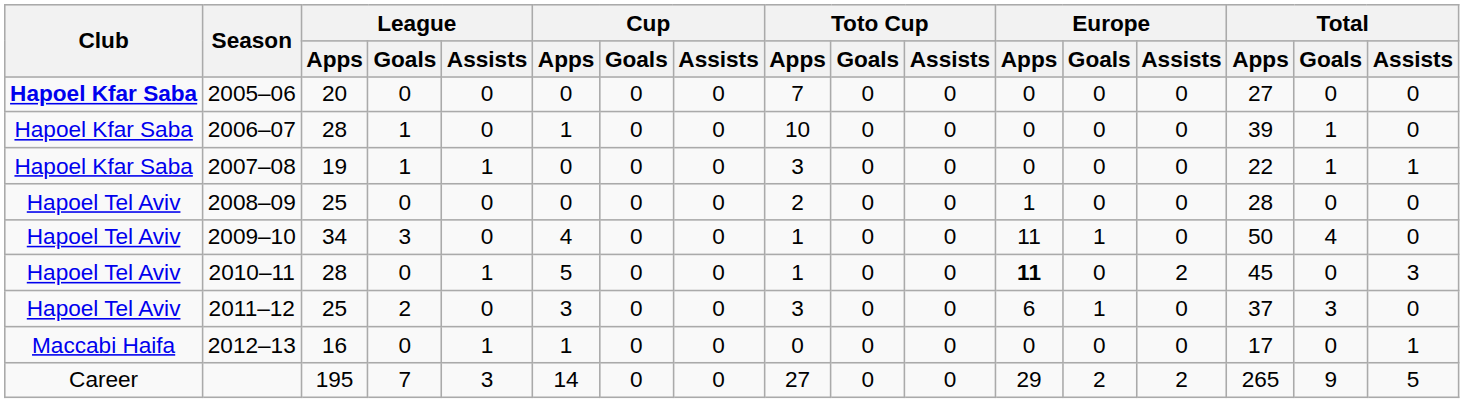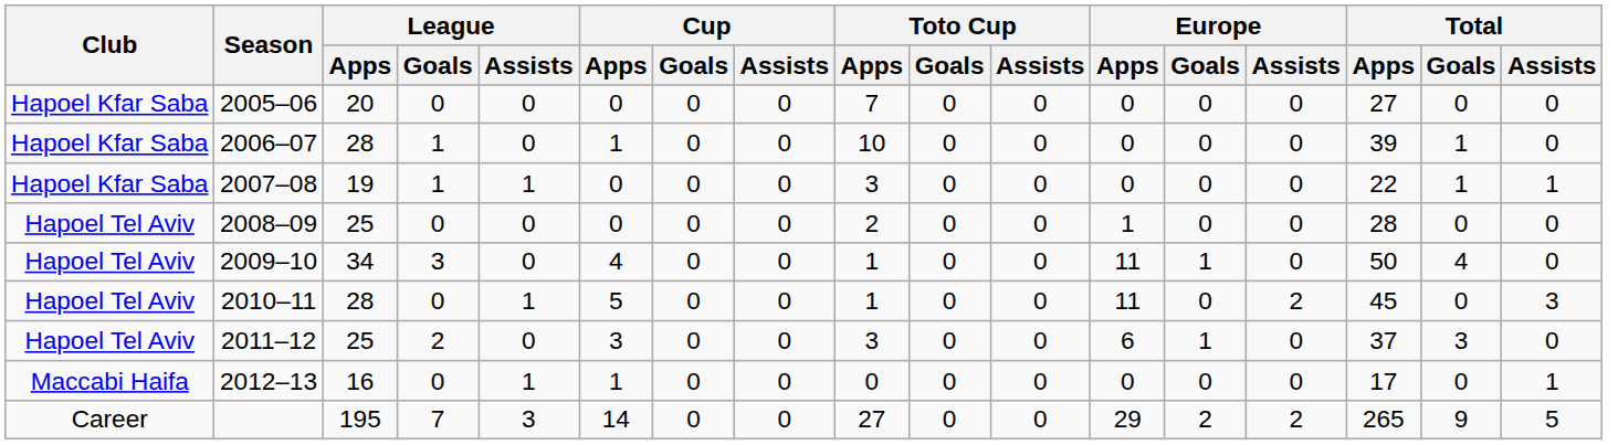 <table class="wikitable" style="font-size:90%; text-align: center;">
 <tr>
 <th rowspan="2">Club</th>
 <th rowspan="2">Season</th>
 <th colspan="3">League</th>
 <th colspan="3">Cup</th>
 <th colspan="3">Toto Cup</th>
 <th colspan="3">Europe</th>
 <th colspan="3">Total</th>
 </tr>
 <tr>
 <th>Apps</th>
 <th>Goals</th>
 <th>Assists</th>
 <th>Apps</th>
 <th>Goals</th>
 <th>Assists</th>
 <th>Apps</th>
 <th>Goals</th>
 <th>Assists</th>
 <th>Apps</th>
 <th>Goals</th>
 <th>Assists</th>
 <th>Apps</th>
 <th>Goals</th>
 <th>Assists</th>
 </tr>
 <tr |-||-||-|>
-<td rowspan="1" valign="top"><strong><a href='#'>Hapoel Kfar Saba</a></strong></td>
+<td rowspan="1" valign="top"><a href='#'>Hapoel Kfar Saba</a></td>
 <td>2005–06</td>
 <td>20</td>
 <td>0</td>
 <td>0</td>
 <td>0</td>
 <td>0</td>
 <td>0</td>
 <td>7</td>
 <td>0</td>
 <td>0</td>
 <td>0</td>
 <td>0</td>
 <td>0</td>
 <td>27</td>
 <td>0</td>
 <td>0</td>
 </tr>
 <tr>
 <td rowspan="1" valign="top"><a href='#'>Hapoel Kfar Saba</a></td>
 <td>2006–07</td>
 <td>28</td>
 <td>1</td>
 <td>0</td>
 <td>1</td>
 <td>0</td>
 <td>0</td>
 <td>10</td>
 <td>0</td>
 <td>0</td>
 <td>0</td>
 <td>0</td>
 <td>0</td>
 <td>39</td>
 <td>1</td>
 <td>0</td>
 </tr>
 <tr>
 <td rowspan="1" valign="top"><a href='#'>Hapoel Kfar Saba</a></td>
 <td>2007–08</td>
 <td>19</td>
 <td>1</td>
 <td>1</td>
 <td>0</td>
 <td>0</td>
 <td>0</td>
 <td>3</td>
 <td>0</td>
 <td>0</td>
 <td>0</td>
 <td>0</td>
 <td>0</td>
 <td>22</td>
 <td>1</td>
 <td>1</td>
 </tr>
 <tr>
 <td rowspan="1" valign="top"><a href='#'>Hapoel Tel Aviv</a></td>
 <td>2008–09</td>
 <td>25</td>
 <td>0</td>
 <td>0</td>
 <td>0</td>
 <td>0</td>
 <td>0</td>
 <td>2</td>
 <td>0</td>
 <td>0</td>
 <td>1</td>
 <td>0</td>
 <td>0</td>
 <td>28</td>
 <td>0</td>
 <td>0</td>
 </tr>
 <tr>
 <td rowspan="1" valign="top"><a href='#'>Hapoel Tel Aviv</a></td>
 <td>2009–10</td>
 <td>34</td>
 <td>3</td>
 <td>0</td>
 <td>4</td>
 <td>0</td>
 <td>0</td>
 <td>1</td>
 <td>0</td>
 <td>0</td>
 <td>11</td>
 <td>1</td>
 <td>0</td>
 <td>50</td>
 <td>4</td>
 <td>0</td>
 </tr>
 <tr>
 <td rowspan="1" valign="top"><a href='#'>Hapoel Tel Aviv</a></td>
 <td>2010–11</td>
 <td>28</td>
 <td>0</td>
 <td>1</td>
 <td>5</td>
 <td>0</td>
 <td>0</td>
 <td>1</td>
 <td>0</td>
 <td>0</td>
-<td><strong>11</strong></td>
+<td>11</td>
 <td>0</td>
 <td>2</td>
 <td>45</td>
 <td>0</td>
 <td>3</td>
 </tr>
 <tr>
 <td rowspan="1" valign="top"><a href='#'>Hapoel Tel Aviv</a></td>
 <td>2011–12</td>
 <td>25</td>
 <td>2</td>
 <td>0</td>
 <td>3</td>
 <td>0</td>
 <td>0</td>
 <td>3</td>
 <td>0</td>
 <td>0</td>
 <td>6</td>
 <td>1</td>
 <td>0</td>
 <td>37</td>
 <td>3</td>
 <td>0</td>
 </tr>
 <tr>
 <td rowspan="1" valign="top"><a href='#'>Maccabi Haifa</a></td>
 <td>2012–13</td>
 <td>16</td>
 <td>0</td>
 <td>1</td>
 <td>1</td>
 <td>0</td>
 <td>0</td>
 <td>0</td>
 <td>0</td>
 <td>0</td>
 <td>0</td>
 <td>0</td>
 <td>0</td>
 <td>17</td>
 <td>0</td>
 <td>1</td>
 </tr>
 <tr>
 <td rowspan="1" valign="top">Career</td>
 <td></td>
 <td>195</td>
 <td>7</td>
 <td>3</td>
 <td>14</td>
 <td>0</td>
 <td>0</td>
 <td>27</td>
 <td>0</td>
 <td>0</td>
 <td>29</td>
 <td>2</td>
 <td>2</td>
 <td>265</td>
 <td>9</td>
 <td>5</td>
 </tr>
 </table>
